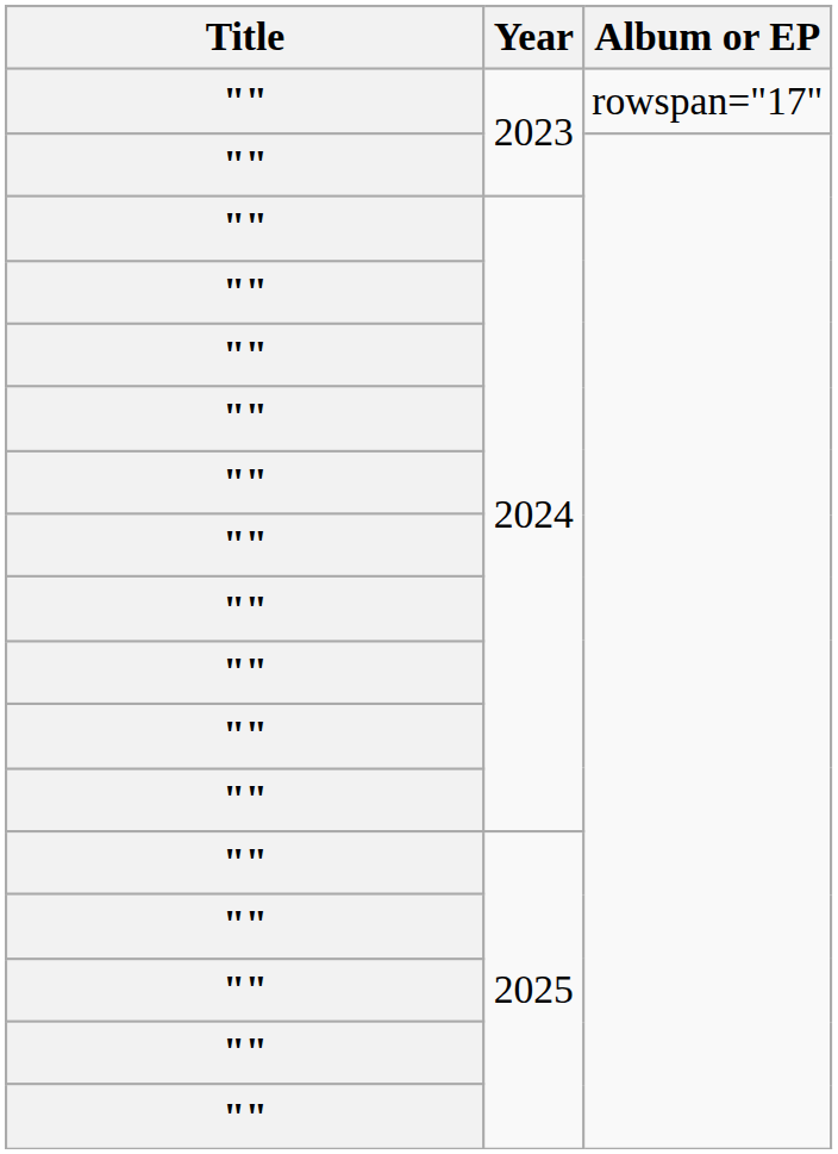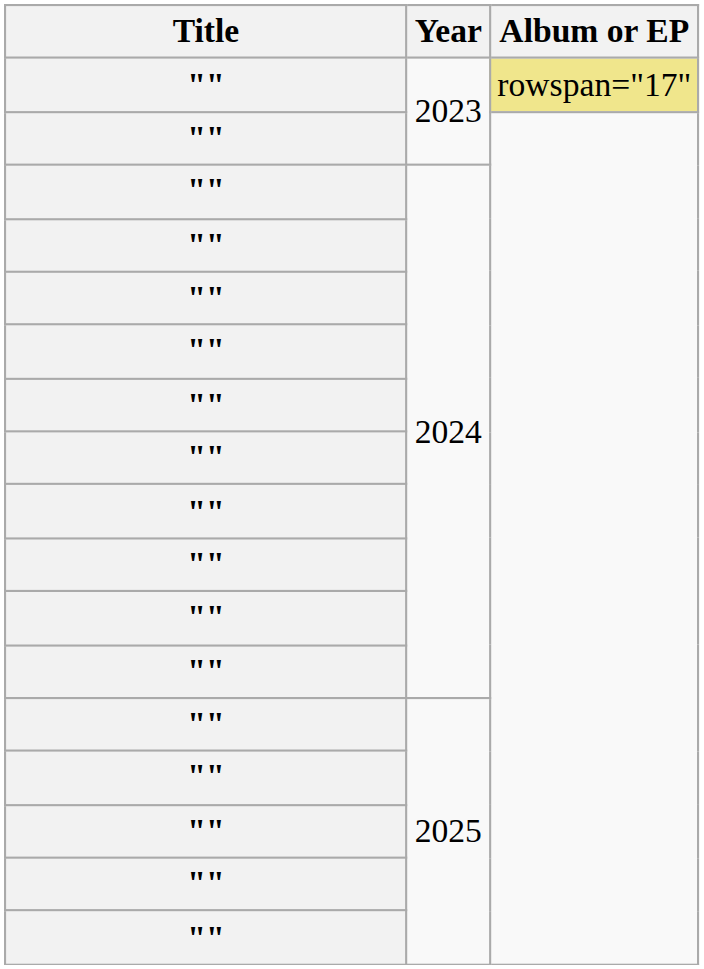 <table class="wikitable plainrowheaders" style="text-align:center;">
 <tr>
 <th scope="col" style="width:11.5em;">Title</th>
 <th scope="col">Year</th>
 <th scope="col">Album or EP</th>
 </tr>
 <tr>
 <th scope="row">""</th>
 <td rowspan="2">2023</td>
-<td>rowspan="17" </td>
+<td style="background: khaki;">rowspan="17" </td>
 </tr>
 <tr>
 <th scope="row">""</th>
 </tr>
 <tr>
 <th scope="row">""<br></th>
 <td rowspan="10">2024</td>
 </tr>
 <tr>
 <th scope="row">""<br></th>
 </tr>
 <tr>
 <th scope="row">""</th>
 </tr>
 <tr>
 <th scope="row">""</th>
 </tr>
 <tr>
 <th scope="row">""<br></th>
 </tr>
 <tr>
 <th scope="row">""<br></th>
 </tr>
 <tr>
 <th scope="row">""</th>
 </tr>
 <tr>
 <th scope="row">""</th>
 </tr>
 <tr>
 <th scope="row">""</th>
 </tr>
 <tr>
 <th scope="row">""</th>
 </tr>
 <tr>
 <th scope="row">""<br></th>
 <td rowspan="5">2025</td>
 </tr>
 <tr>
 <th scope="row">""<br></th>
 </tr>
 <tr>
 <th scope="row">""</th>
 </tr>
 <tr>
 <th scope="row">""</th>
 </tr>
 <tr>
 <th scope="row">""</th>
 </tr>
 </table>
